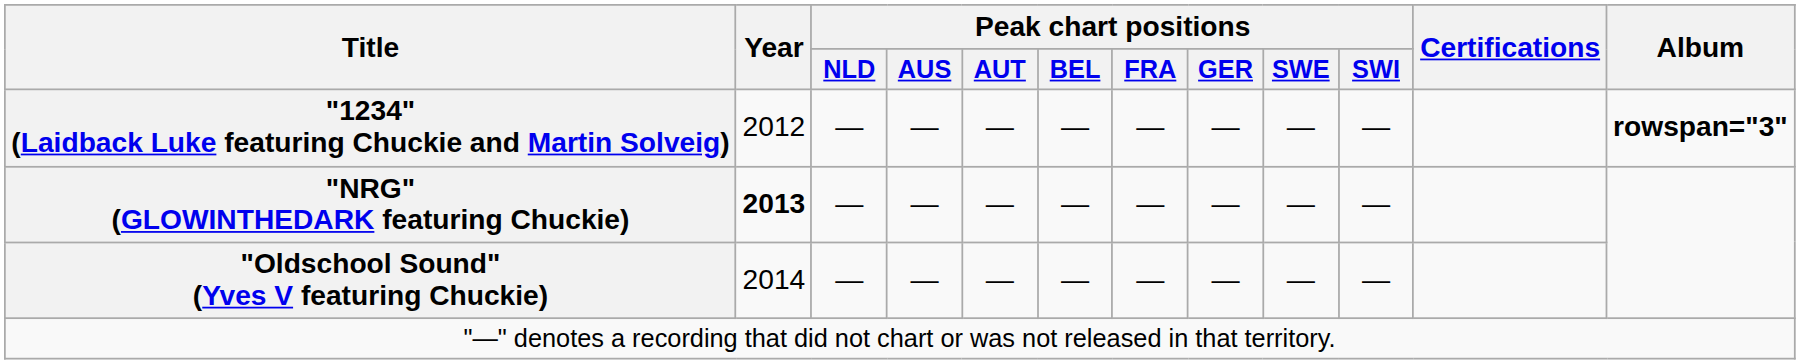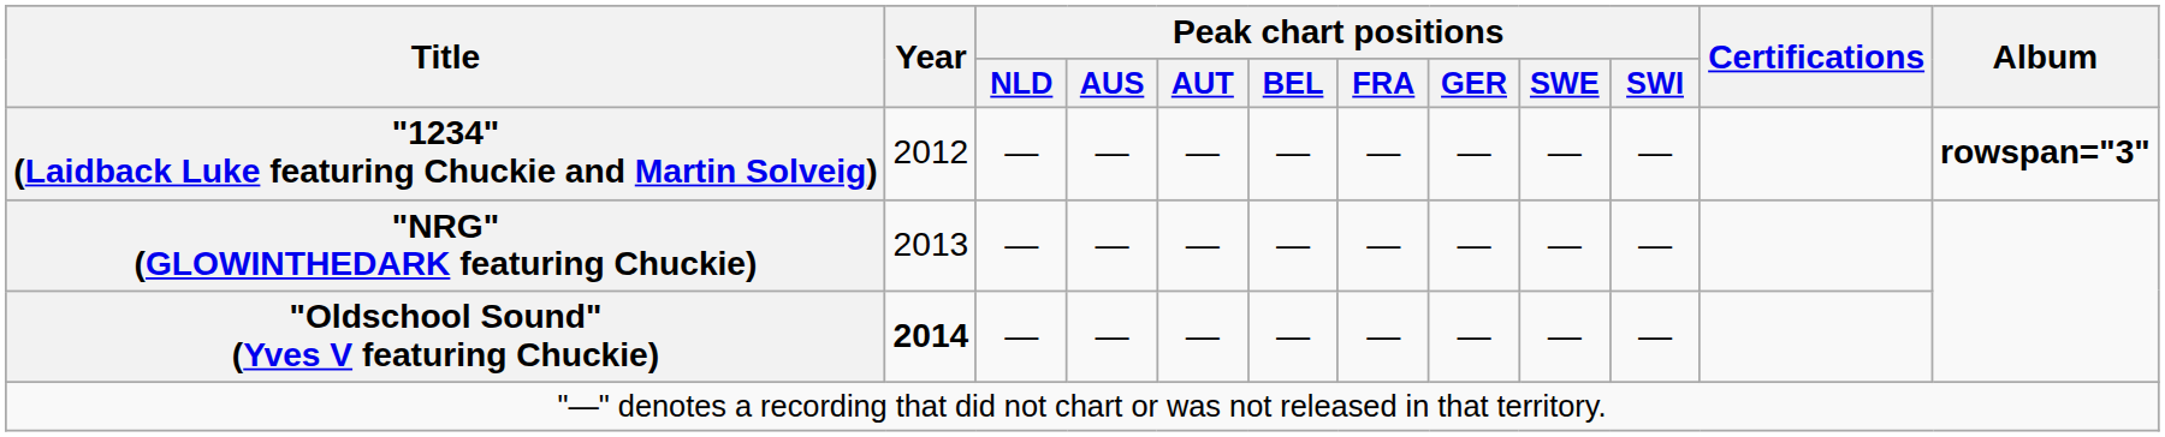 <table class="wikitable plainrowheaders" style="text-align:center;" border="1">
 <tr>
 <th scope="col" rowspan="2">Title</th>
 <th scope="col" rowspan="2">Year</th>
 <th scope="col" colspan="8">Peak chart positions</th>
 <th scope="col" rowspan="2"><a href='#'>Certifications</a></th>
 <th scope="col" rowspan="2">Album</th>
 </tr>
 <tr>
 <th scope="col" style="width:2.5em;font-size:90%;"><a href='#'>NLD</a></th>
 <th scope="col" style="width:2.5em;font-size:90%;"><a href='#'>AUS</a></th>
 <th scope="col" style="width:2.5em;font-size:90%;"><a href='#'>AUT</a></th>
 <th scope="col" style="width:2.5em;font-size:90%;"><a href='#'>BEL</a></th>
 <th scope="col" style="width:2.5em;font-size:90%;"><a href='#'>FRA</a></th>
 <th scope="col" style="width:2.5em;font-size:90%;"><a href='#'>GER</a></th>
 <th scope="col" style="width:2.5em;font-size:90%;"><a href='#'>SWE</a></th>
 <th scope="col" style="width:2.5em;font-size:90%;"><a href='#'>SWI</a></th>
 </tr>
 <tr>
 <th scope="row">"1234"  <br><span>(<a href='#'>Laidback Luke</a> featuring Chuckie and <a href='#'>Martin Solveig</a>)</span></th>
 <td>2012</td>
 <td>—</td>
 <td>—</td>
 <td>—</td>
 <td>—</td>
 <td>—</td>
 <td>—</td>
 <td>—</td>
 <td>—</td>
 <td></td>
 <td><strong>rowspan="3" </strong></td>
 </tr>
 <tr>
 <th scope="row">"NRG"  <br><span>(<a href='#'>GLOWINTHEDARK</a> featuring Chuckie)</span></th>
-<td><strong>2013</strong></td>
+<td>2013</td>
 <td>—</td>
 <td>—</td>
 <td>—</td>
 <td>—</td>
 <td>—</td>
 <td>—</td>
 <td>—</td>
 <td>—</td>
 <td></td>
 </tr>
 <tr>
 <th scope="row">"Oldschool Sound"  <br><span>(<a href='#'>Yves V</a> featuring Chuckie)</span></th>
-<td>2014</td>
+<td><strong>2014</strong></td>
 <td>—</td>
 <td>—</td>
 <td>—</td>
 <td>—</td>
 <td>—</td>
 <td>—</td>
 <td>—</td>
 <td>—</td>
 <td></td>
 </tr>
 <tr>
 <td colspan="12" style="font-size:90%">"—" denotes a recording that did not chart or was not released in that territory.</td>
 </tr>
 </table>
